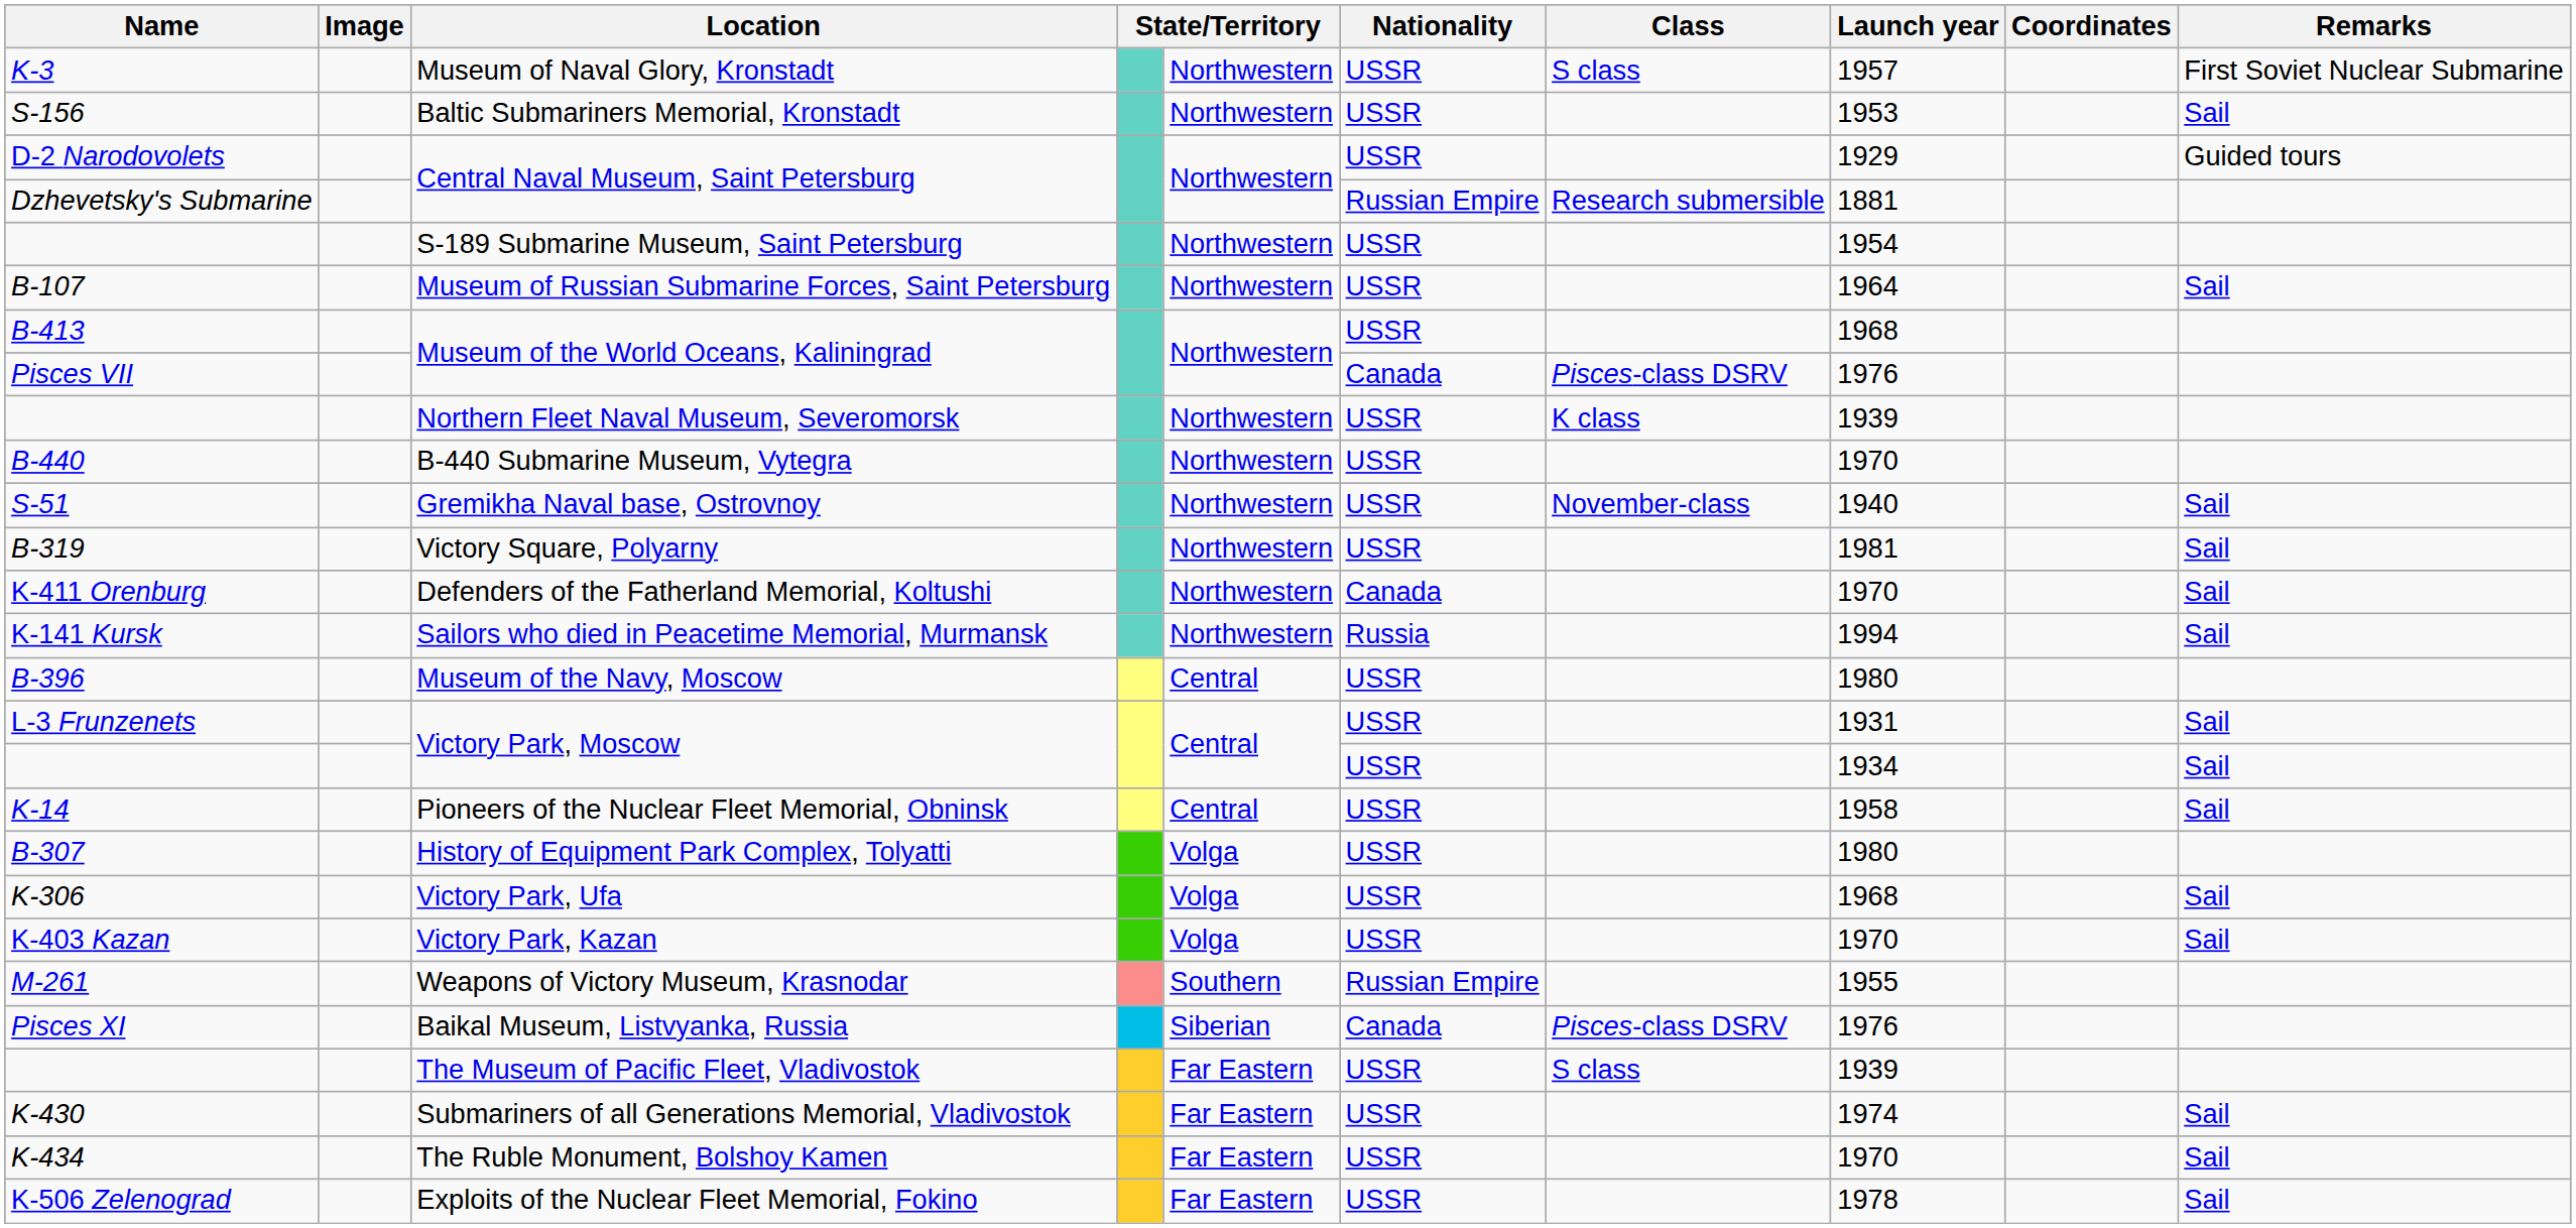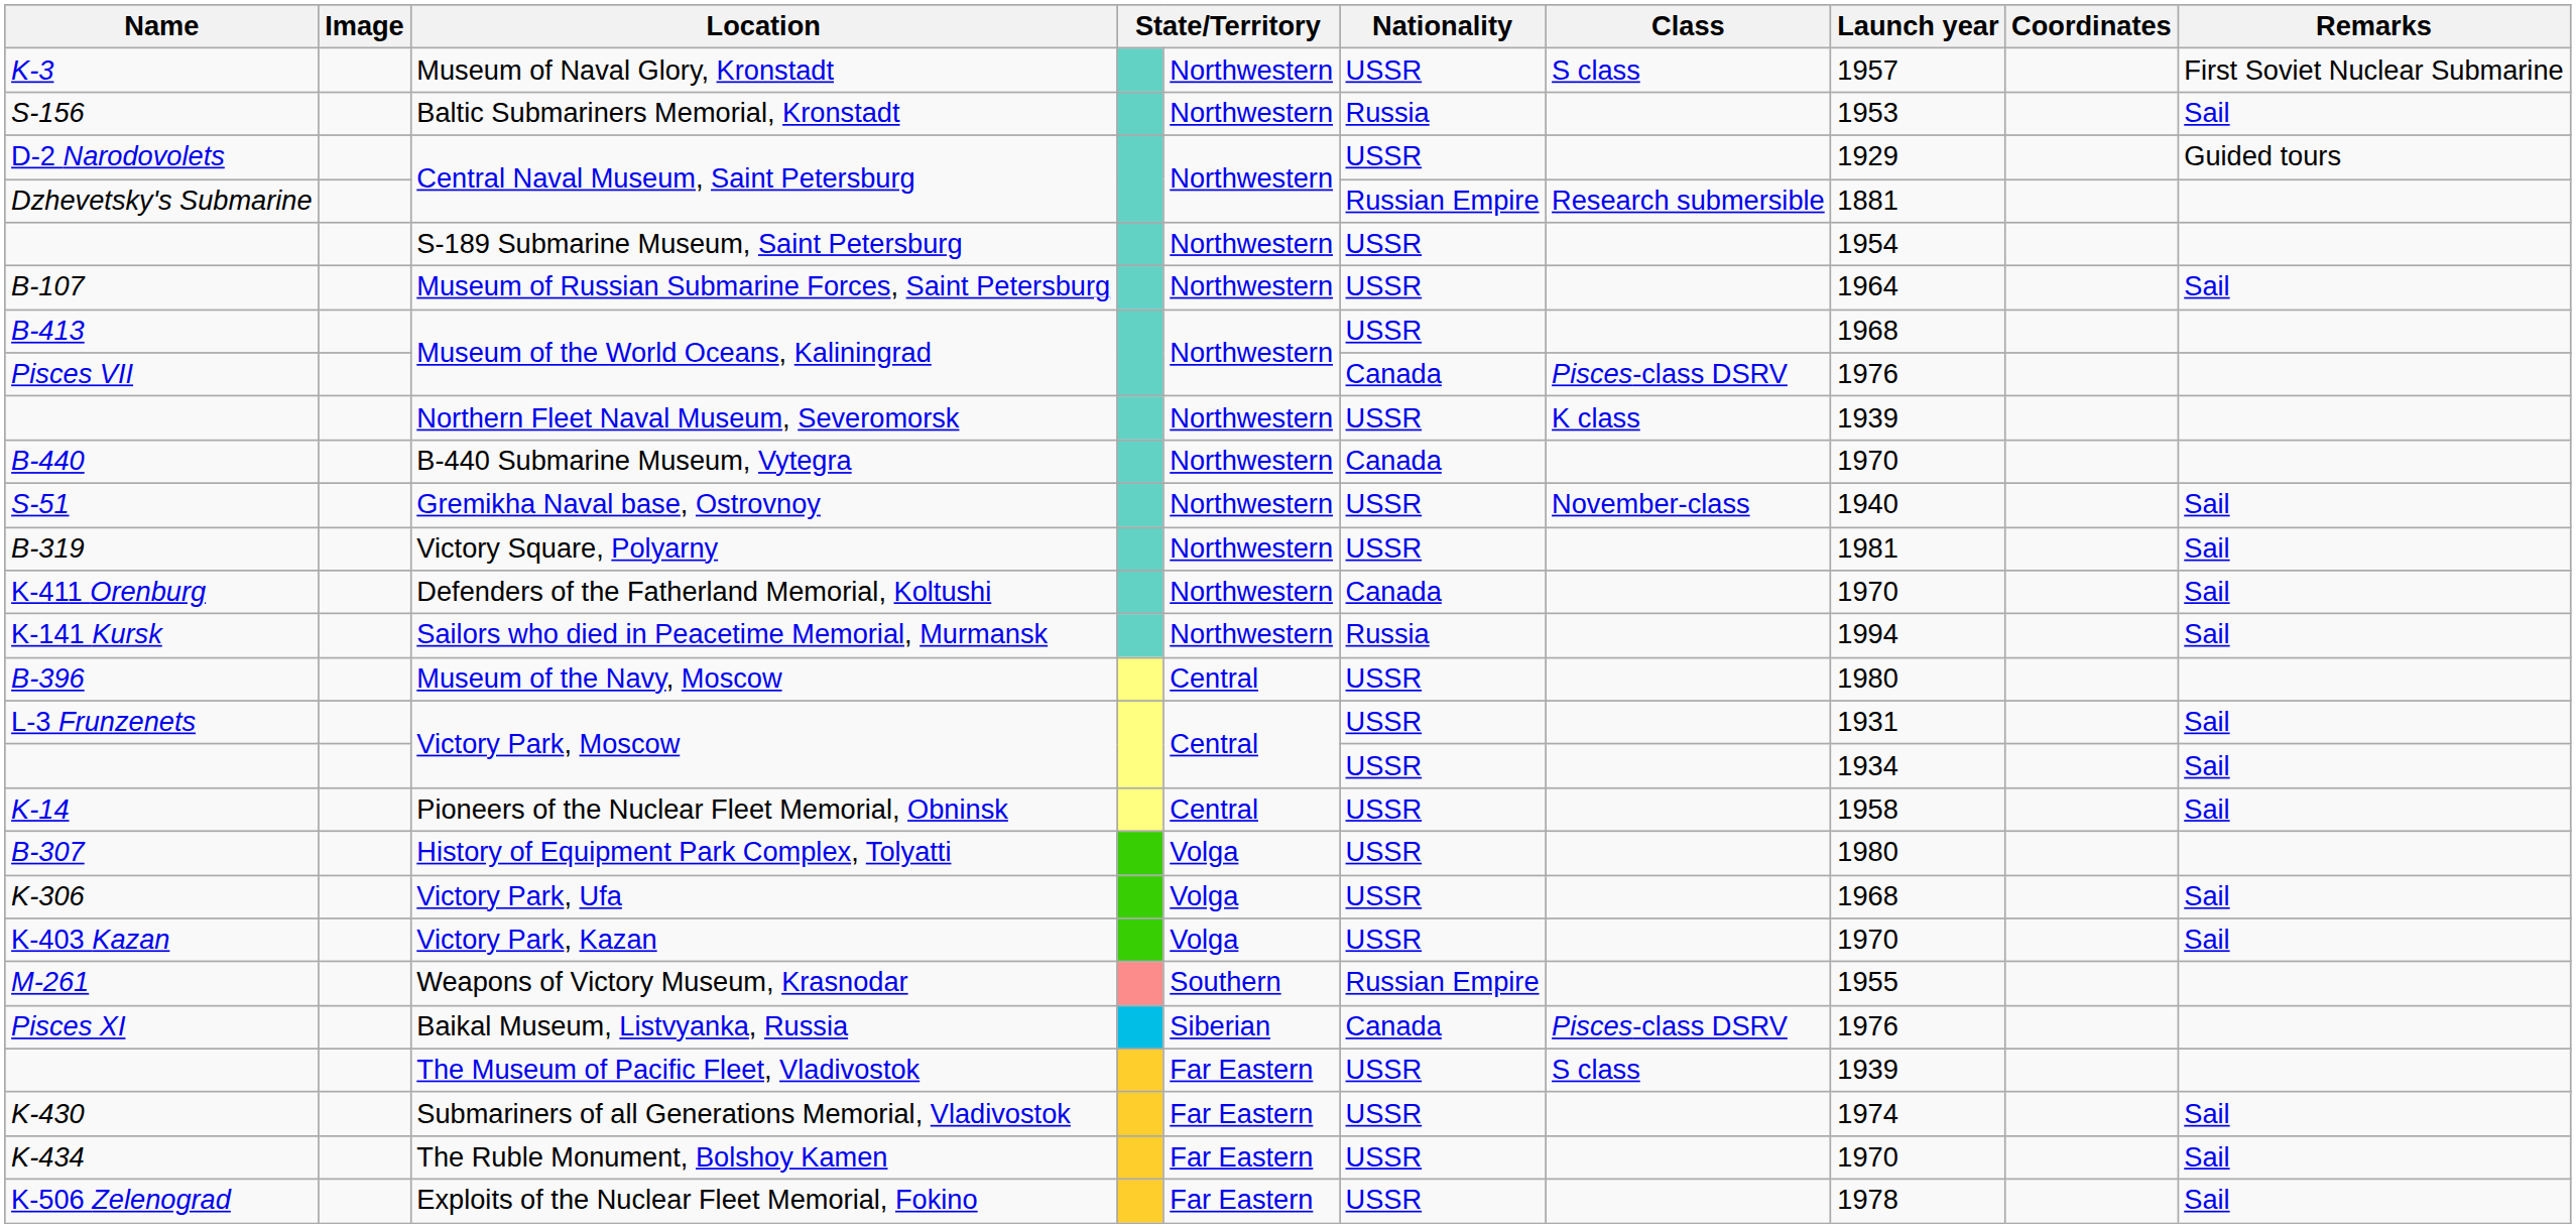 <table class="wikitable collapsible sortable">
 <tr>
 <th>Name</th>
 <th>Image</th>
 <th>Location</th>
 <th colspan="2">State/Territory</th>
 <th>Nationality</th>
 <th>Class</th>
 <th>Launch year</th>
 <th>Coordinates</th>
 <th>Remarks</th>
 </tr>
 <tr>
 <td><a href='#'><em>K-3</em></a></td>
 <td></td>
 <td>Museum of Naval Glory, <a href='#'>Kronstadt</a></td>
 <td style="background:#62d2c5;"></td>
 <td><a href='#'>Northwestern</a></td>
 <td> <a href='#'>USSR</a></td>
 <td><a href='#'>S class</a></td>
 <td>1957</td>
 <td></td>
 <td>First Soviet Nuclear Submarine</td>
 </tr>
 <tr>
 <td><em>S-156</em></td>
 <td></td>
 <td>Baltic Submariners Memorial, <a href='#'>Kronstadt</a></td>
 <td style="background:#62d2c5;"></td>
 <td><a href='#'>Northwestern</a></td>
-<td> <a href='#'>USSR</a></td>
+<td> <a href='#'>Russia</a></td>
 <td></td>
 <td>1953</td>
 <td></td>
 <td><a href='#'>Sail</a></td>
 </tr>
 <tr>
 <td><a href='#'>D-2 <em>Narodovolets</em></a></td>
 <td></td>
 <td rowspan=2><a href='#'>Central Naval Museum</a>, <a href='#'>Saint Petersburg</a></td>
 <td rowspan=2; style="background:#62d2c5"></td>
 <td rowspan=2><a href='#'>Northwestern</a></td>
 <td> <a href='#'>USSR</a></td>
 <td></td>
 <td>1929</td>
 <td></td>
 <td>Guided tours</td>
 </tr>
 <tr>
 <td><em>Dzhevetsky's Submarine</em></td>
 <td></td>
 <td> <a href='#'>Russian Empire</a></td>
 <td><a href='#'>Research submersible</a></td>
 <td>1881</td>
 <td></td>
 <td></td>
 </tr>
 <tr>
 <td></td>
 <td></td>
 <td>S-189 Submarine Museum, <a href='#'>Saint Petersburg</a></td>
 <td style="background:#62d2c5;"></td>
 <td><a href='#'>Northwestern</a></td>
 <td> <a href='#'>USSR</a></td>
 <td></td>
 <td>1954</td>
 <td></td>
 <td></td>
 </tr>
 <tr>
 <td><em>B-107</em></td>
 <td></td>
 <td><a href='#'>Museum of Russian Submarine Forces</a>, <a href='#'>Saint Petersburg</a></td>
 <td style="background:#62d2c5;"></td>
 <td><a href='#'>Northwestern</a></td>
 <td> <a href='#'>USSR</a></td>
 <td></td>
 <td>1964</td>
 <td></td>
 <td><a href='#'>Sail</a></td>
 </tr>
 <tr>
 <td><a href='#'><em>B-413</em></a></td>
 <td></td>
 <td rowspan=2><a href='#'>Museum of the World Oceans</a>, <a href='#'>Kaliningrad</a></td>
 <td rowspan=2; style="background:#62d2c5;"></td>
 <td rowspan=2><a href='#'>Northwestern</a></td>
 <td> <a href='#'>USSR</a></td>
 <td></td>
 <td>1968</td>
 <td></td>
 <td></td>
 </tr>
 <tr>
 <td data-sort-value=Pisces 7><a href='#'><em>Pisces VII</em></a></td>
 <td></td>
 <td> <a href='#'>Canada</a></td>
 <td><a href='#'><em>Pisces</em>-class DSRV</a></td>
 <td>1976</td>
 <td></td>
 <td></td>
 </tr>
 <tr>
 <td></td>
 <td></td>
 <td><a href='#'>Northern Fleet Naval Museum</a>, <a href='#'>Severomorsk</a></td>
 <td style="background:#62d2c5;"></td>
 <td><a href='#'>Northwestern</a></td>
 <td> <a href='#'>USSR</a></td>
 <td><a href='#'>K class</a></td>
 <td>1939</td>
 <td></td>
 <td></td>
 </tr>
 <tr>
 <td><a href='#'><em>B-440</em></a></td>
 <td></td>
 <td>B-440 Submarine Museum, <a href='#'>Vytegra</a></td>
 <td style="background:#62d2c5;"></td>
 <td><a href='#'>Northwestern</a></td>
-<td> <a href='#'>USSR</a></td>
+<td> <a href='#'>Canada</a></td>
 <td></td>
 <td>1970</td>
 <td></td>
 <td></td>
 </tr>
 <tr>
 <td><a href='#'><em>S-51</em></a></td>
 <td></td>
 <td><a href='#'>Gremikha Naval base</a>, <a href='#'>Ostrovnoy</a></td>
 <td style="background:#62d2c5;"></td>
 <td><a href='#'>Northwestern</a></td>
 <td> <a href='#'>USSR</a></td>
 <td><a href='#'>November-class</a></td>
 <td>1940</td>
 <td></td>
 <td><a href='#'>Sail</a></td>
 </tr>
 <tr>
 <td><em>B-319</em></td>
 <td></td>
 <td>Victory Square, <a href='#'>Polyarny</a></td>
 <td style="background:#62d2c5;"></td>
 <td><a href='#'>Northwestern</a></td>
 <td> <a href='#'>USSR</a></td>
 <td></td>
 <td>1981</td>
 <td></td>
 <td><a href='#'>Sail</a></td>
 </tr>
 <tr>
 <td><a href='#'>K-411 <em>Orenburg</em></a></td>
 <td></td>
 <td>Defenders of the Fatherland Memorial, <a href='#'>Koltushi</a></td>
 <td style="background:#62d2c5;"></td>
 <td><a href='#'>Northwestern</a></td>
 <td> <a href='#'>Canada</a></td>
 <td></td>
 <td>1970</td>
 <td></td>
 <td><a href='#'>Sail</a></td>
 </tr>
 <tr>
 <td><a href='#'>K-141 <em>Kursk</em></a></td>
 <td></td>
 <td><a href='#'>Sailors who died in Peacetime Memorial</a>, <a href='#'>Murmansk</a></td>
 <td style="background:#62d2c5;"></td>
 <td><a href='#'>Northwestern</a></td>
 <td> <a href='#'>Russia</a></td>
 <td></td>
 <td>1994</td>
 <td></td>
 <td><a href='#'>Sail</a></td>
 </tr>
 <tr>
 <td><a href='#'><em>B-396</em></a></td>
 <td></td>
 <td><a href='#'>Museum of the Navy</a>, <a href='#'>Moscow</a></td>
 <td style="background:#ffff80;"></td>
 <td><a href='#'>Central</a></td>
 <td> <a href='#'>USSR</a></td>
 <td></td>
 <td>1980</td>
 <td></td>
 <td></td>
 </tr>
 <tr>
 <td><a href='#'>L-3 <em>Frunzenets</em></a></td>
 <td></td>
 <td rowspan=2><a href='#'>Victory Park</a>, <a href='#'>Moscow</a></td>
 <td rowspan=2; style="background:#ffff80; width:1.25em"></td>
 <td rowspan=2><a href='#'>Central</a></td>
 <td> <a href='#'>USSR</a></td>
 <td></td>
 <td>1931</td>
 <td></td>
 <td><a href='#'>Sail</a></td>
 </tr>
 <tr>
 <td></td>
 <td></td>
 <td> <a href='#'>USSR</a></td>
 <td></td>
 <td>1934</td>
 <td></td>
 <td><a href='#'>Sail</a></td>
 </tr>
 <tr>
 <td><a href='#'><em>K-14</em></a></td>
 <td></td>
 <td>Pioneers of the Nuclear Fleet Memorial, <a href='#'>Obninsk</a></td>
 <td style="background:#ffff80;"></td>
 <td><a href='#'>Central</a></td>
 <td> <a href='#'>USSR</a></td>
 <td></td>
 <td>1958</td>
 <td></td>
 <td><a href='#'>Sail</a></td>
 </tr>
 <tr>
 <td><a href='#'><em>B-307</em></a></td>
 <td></td>
 <td><a href='#'>History of Equipment Park Complex</a>, <a href='#'>Tolyatti</a></td>
 <td style="background:#37ce04;"></td>
 <td><a href='#'>Volga</a></td>
 <td> <a href='#'>USSR</a></td>
 <td></td>
 <td>1980</td>
 <td></td>
 <td></td>
 </tr>
 <tr>
 <td><em>K-306</em></td>
 <td></td>
 <td><a href='#'>Victory Park</a>, <a href='#'>Ufa</a></td>
 <td style="background:#37ce04;"></td>
 <td><a href='#'>Volga</a></td>
 <td> <a href='#'>USSR</a></td>
 <td></td>
 <td>1968</td>
 <td></td>
 <td><a href='#'>Sail</a></td>
 </tr>
 <tr>
 <td><a href='#'>K-403 <em>Kazan</em></a></td>
 <td></td>
 <td><a href='#'>Victory Park</a>, <a href='#'>Kazan</a></td>
 <td style="background:#37ce04;"></td>
 <td><a href='#'>Volga</a></td>
 <td> <a href='#'>USSR</a></td>
 <td></td>
 <td>1970</td>
 <td></td>
 <td><a href='#'>Sail</a></td>
 </tr>
 <tr>
 <td><a href='#'><em>M-261</em></a></td>
 <td></td>
 <td>Weapons of Victory Museum, <a href='#'>Krasnodar</a></td>
 <td style="background:#fc8b8b;"></td>
 <td><a href='#'>Southern</a></td>
 <td> <a href='#'>Russian Empire</a></td>
 <td></td>
 <td>1955</td>
 <td></td>
 <td></td>
 </tr>
 <tr>
 <td data-sort-value=Pisces11><a href='#'><em>Pisces XI</em></a></td>
 <td></td>
 <td>Baikal Museum, <a href='#'>Listvyanka</a>, <a href='#'>Russia</a></td>
 <td style="background:#01bee7;"></td>
 <td><a href='#'>Siberian</a></td>
 <td> <a href='#'>Canada</a></td>
 <td><a href='#'><em>Pisces</em>-class DSRV</a></td>
 <td>1976</td>
 <td></td>
 <td></td>
 </tr>
 <tr>
 <td></td>
 <td></td>
 <td><a href='#'>The Museum of Pacific Fleet</a>, <a href='#'>Vladivostok</a></td>
 <td style="background:#fece2c;"></td>
 <td><a href='#'>Far Eastern</a></td>
 <td> <a href='#'>USSR</a></td>
 <td><a href='#'>S class</a></td>
 <td>1939</td>
 <td></td>
 <td></td>
 </tr>
 <tr>
 <td><em>K-430</em></td>
 <td></td>
 <td>Submariners of all Generations Memorial, <a href='#'>Vladivostok</a></td>
 <td style="background:#fece2c;"></td>
 <td><a href='#'>Far Eastern</a></td>
 <td> <a href='#'>USSR</a></td>
 <td></td>
 <td>1974</td>
 <td></td>
 <td><a href='#'>Sail</a></td>
 </tr>
 <tr>
 <td><em>K-434</em></td>
 <td></td>
 <td>The Ruble Monument, <a href='#'>Bolshoy Kamen</a></td>
 <td style="background:#fece2c;"></td>
 <td><a href='#'>Far Eastern</a></td>
 <td> <a href='#'>USSR</a></td>
 <td></td>
 <td>1970</td>
 <td></td>
 <td><a href='#'>Sail</a></td>
 </tr>
 <tr>
 <td><a href='#'>K-506 <em>Zelenograd</em></a></td>
 <td></td>
 <td>Exploits of the Nuclear Fleet Memorial, <a href='#'>Fokino</a></td>
 <td style="background:#fece2c;"></td>
 <td><a href='#'>Far Eastern</a></td>
 <td> <a href='#'>USSR</a></td>
 <td></td>
 <td>1978</td>
 <td></td>
 <td><a href='#'>Sail</a></td>
 </tr>
 </table>
